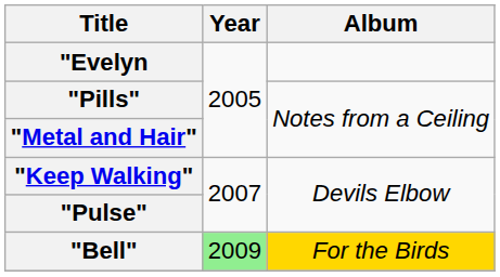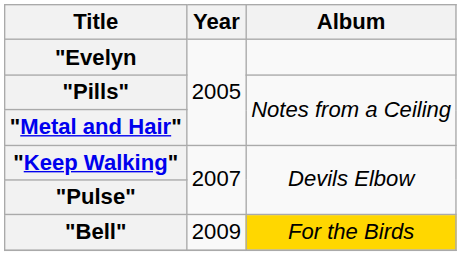 <table class="wikitable plainrowheaders" style="text-align:center;">
 <tr>
 <th>Title</th>
 <th>Year</th>
 <th>Album</th>
 </tr>
 <tr>
 <th scope="row">"Evelyn</th>
 <td rowspan="3">2005</td>
 <td></td>
 </tr>
 <tr>
 <th scope="row">"Pills"</th>
 <td rowspan="2"><em>Notes from a Ceiling</em></td>
 </tr>
 <tr>
 <th scope="row">"<a href='#'>Metal and Hair</a>"</th>
 </tr>
 <tr>
 <th scope="row">"<a href='#'>Keep Walking</a>"</th>
 <td rowspan="2">2007</td>
 <td rowspan="2"><em>Devils Elbow</em></td>
 </tr>
 <tr>
 <th scope="row">"Pulse"</th>
 </tr>
 <tr>
 <th scope="row">"Bell"</th>
-<td style="background: lightgreen;">2009</td>
+<td>2009</td>
 <td style="background: gold;"><em>For the Birds</em></td>
 </tr>
 <tr>
 </tr>
 </table>
